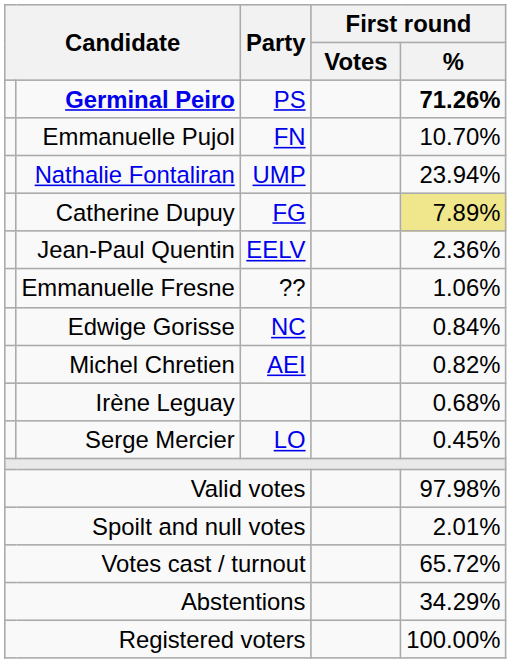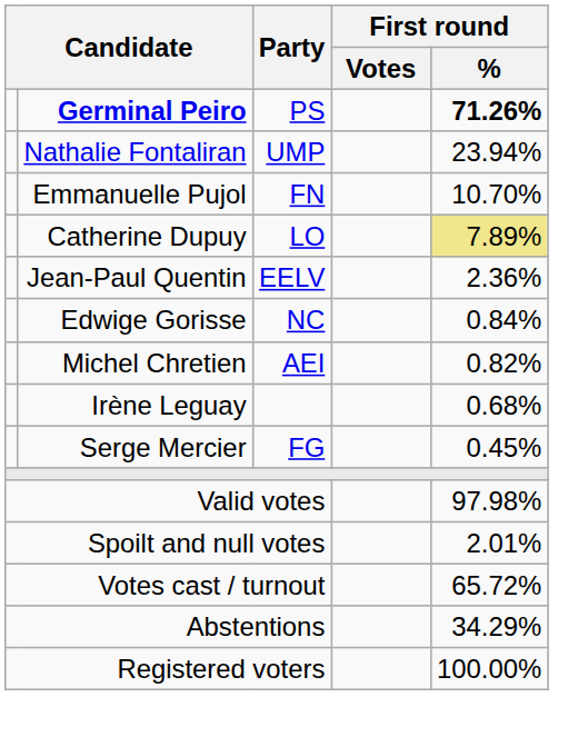 <table class="wikitable" style="text-align:right;font-size:95%;">
 <tr>
 <th rowspan=2 colspan=2>Candidate</th>
 <th rowspan=2 colspan=1>Party</th>
 <th colspan=2>First round</th>
 </tr>
 <tr>
 <th style="width:50px;">Votes</th>
 <th style="width:55px;">%</th>
 </tr>
 <tr>
 <td style="color:inherit;background-color:"></td>
 <td><strong><a href='#'>Germinal Peiro</a></strong></td>
 <td><a href='#'>PS</a></td>
 <td><strong></strong></td>
 <td><strong>71.26%</strong></td>
 </tr>
 <tr>
 <td style="color:inherit;background-color:"></td>
+<td><a href='#'>Nathalie Fontaliran</a></td>
+<td><a href='#'>UMP</a></td>
+<td></td>
+<td>23.94%</td>
+</tr>
+<tr>
+<td style="color:inherit;background-color:"></td>
 <td>Emmanuelle Pujol</td>
 <td><a href='#'>FN</a></td>
 <td></td>
 <td>10.70%</td>
 </tr>
 <tr>
 <td style="color:inherit;background-color:"></td>
-<td><a href='#'>Nathalie Fontaliran</a></td>
-<td><a href='#'>UMP</a></td>
-<td></td>
-<td>23.94%</td>
-</tr>
-<tr>
-<td style="color:inherit;background-color:"></td>
 <td>Catherine Dupuy</td>
-<td><a href='#'>FG</a></td>
+<td><a href='#'>LO</a></td>
 <td></td>
 <td style="background: khaki;">7.89%</td>
 </tr>
 <tr>
 <td style="color:inherit;background-color:"></td>
 <td>Jean-Paul Quentin</td>
 <td><a href='#'>EELV</a></td>
 <td></td>
 <td>2.36%</td>
-</tr>
-<tr>
-<td style="background-color:;"></td>
-<td>Emmanuelle Fresne</td>
-<td>??</td>
-<td></td>
-<td>1.06%</td>
 </tr>
 <tr>
 <td style="color:inherit;background-color:"></td>
 <td>Edwige Gorisse</td>
 <td><a href='#'>NC</a></td>
 <td></td>
 <td>0.84%</td>
 </tr>
 <tr>
 <td style="color:inherit;background-color:"></td>
 <td>Michel Chretien</td>
 <td><a href='#'>AEI</a></td>
 <td></td>
 <td>0.82%</td>
 </tr>
 <tr>
 <td style="background-color:;"></td>
 <td>Irène Leguay</td>
 <td></td>
 <td></td>
 <td>0.68%</td>
 </tr>
 <tr>
 <td style="color:inherit;background-color:"></td>
 <td>Serge Mercier</td>
-<td><a href='#'>LO</a></td>
+<td><a href='#'>FG</a></td>
 <td></td>
 <td>0.45%</td>
 </tr>
 <tr>
 <td colspan=5 style="background-color:#E9E9E9;"></td>
 </tr>
 <tr>
 <td colspan=3>Valid votes</td>
 <td></td>
 <td>97.98%</td>
 </tr>
 <tr>
 <td colspan=3>Spoilt and null votes</td>
 <td></td>
 <td>2.01%</td>
 </tr>
 <tr>
 <td colspan=3>Votes cast / turnout</td>
 <td></td>
 <td>65.72%</td>
 </tr>
 <tr>
 <td colspan=3>Abstentions</td>
 <td></td>
 <td>34.29%</td>
 </tr>
 <tr>
 <td colspan=3>Registered voters</td>
 <td></td>
 <td>100.00%</td>
 </tr>
 </table>
